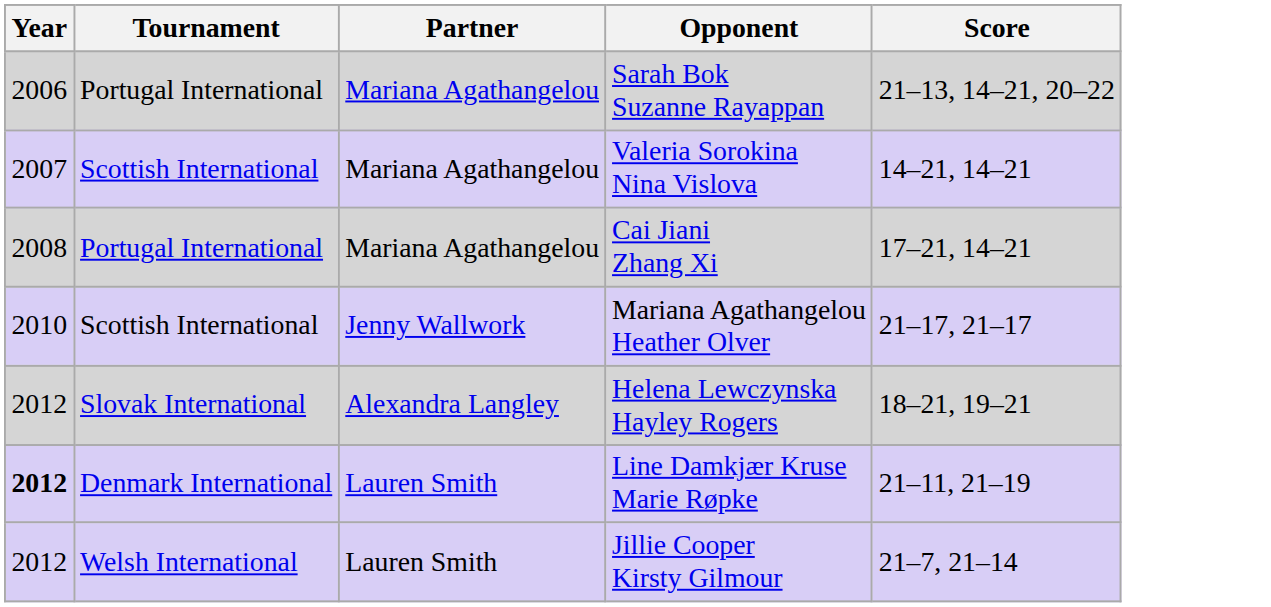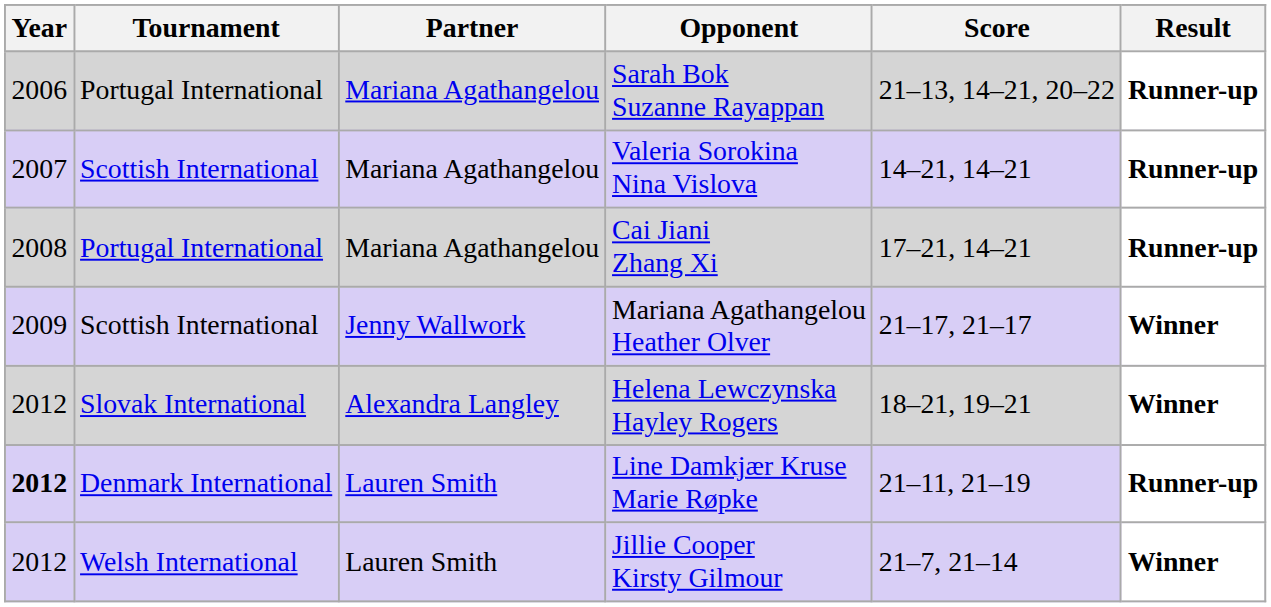 <table class="sortable wikitable" style="font-size: 90%;">
 <tr>
 <th>Year</th>
 <th>Tournament</th>
 <th>Partner</th>
 <th>Opponent</th>
 <th>Score</th>
+<th>Result</th>
 </tr>
 <tr style="background:#D5D5D5">
 <td align="center">2006</td>
 <td align="left">Portugal International</td>
 <td align="left"> <a href='#'>Mariana Agathangelou</a></td>
 <td align="left"> <a href='#'>Sarah Bok</a> <br>  <a href='#'>Suzanne Rayappan</a></td>
 <td align="left">21–13, 14–21, 20–22</td>
+<td style="text-align:left; background:white"> <strong>Runner-up</strong></td>
 </tr>
 <tr style="background:#D8CEF6">
 <td align="center">2007</td>
 <td align="left"><a href='#'>Scottish International</a></td>
 <td align="left"> Mariana Agathangelou</td>
 <td align="left"> <a href='#'>Valeria Sorokina</a> <br>  <a href='#'>Nina Vislova</a></td>
 <td align="left">14–21, 14–21</td>
+<td style="text-align:left; background:white"> <strong>Runner-up</strong></td>
 </tr>
 <tr style="background:#D5D5D5">
 <td align="center">2008</td>
 <td align="left"><a href='#'>Portugal International</a></td>
 <td align="left"> Mariana Agathangelou</td>
 <td align="left"> <a href='#'>Cai Jiani</a> <br>  <a href='#'>Zhang Xi</a></td>
 <td align="left">17–21, 14–21</td>
+<td style="text-align:left; background:white"> <strong>Runner-up</strong></td>
 </tr>
 <tr style="background:#D8CEF6">
-<td align="center">2010</td>
+<td align="center">2009</td>
 <td align="left">Scottish International</td>
 <td align="left"> <a href='#'>Jenny Wallwork</a></td>
 <td align="left"> Mariana Agathangelou <br>  <a href='#'>Heather Olver</a></td>
 <td align="left">21–17, 21–17</td>
+<td style="text-align:left; background:white"> <strong>Winner</strong></td>
 </tr>
 <tr style="background:#D5D5D5">
 <td align="center">2012</td>
 <td align="left"><a href='#'>Slovak International</a></td>
 <td align="left"> <a href='#'>Alexandra Langley</a></td>
 <td align="left"> <a href='#'>Helena Lewczynska</a> <br>  <a href='#'>Hayley Rogers</a></td>
 <td align="left">18–21, 19–21</td>
+<td style="text-align:left; background:white"> <strong>Winner</strong></td>
 </tr>
 <tr style="background:#D8CEF6">
 <td align="center"><strong>2012</strong></td>
 <td align="left"><a href='#'>Denmark International</a></td>
 <td align="left"> <a href='#'>Lauren Smith</a></td>
 <td align="left"> <a href='#'>Line Damkjær Kruse</a> <br>  <a href='#'>Marie Røpke</a></td>
 <td align="left">21–11, 21–19</td>
+<td style="text-align:left; background:white"> <strong>Runner-up</strong></td>
 </tr>
 <tr style="background:#D8CEF6">
 <td align="center">2012</td>
 <td align="left"><a href='#'>Welsh International</a></td>
 <td align="left"> Lauren Smith</td>
 <td align="left"> <a href='#'>Jillie Cooper</a> <br>  <a href='#'>Kirsty Gilmour</a></td>
 <td align="left">21–7, 21–14</td>
+<td style="text-align:left; background:white"> <strong>Winner</strong></td>
 </tr>
 </table>
